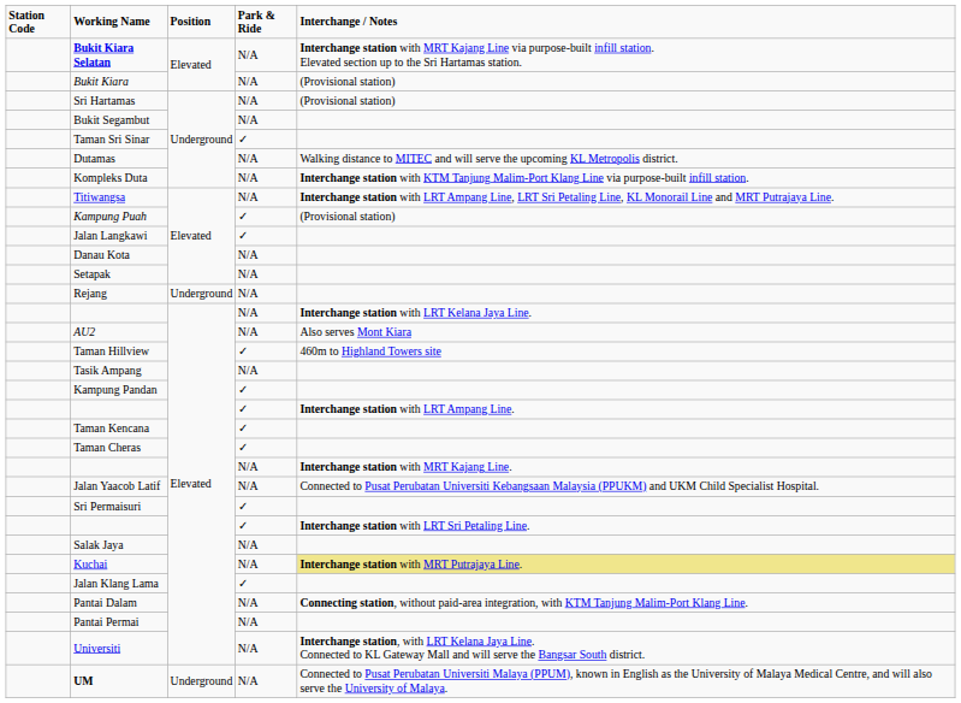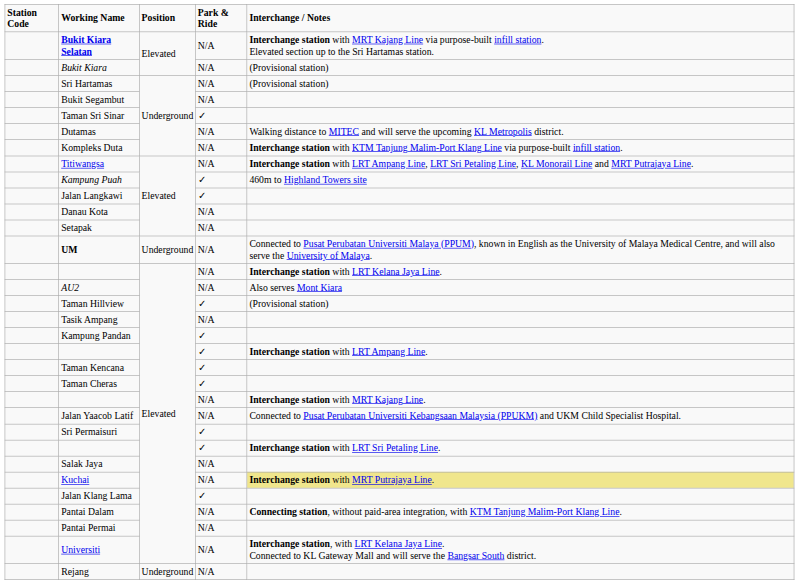 <table class="wikitable sortable" style="margin-left:1em; margin-bottom:1em; color:black; font-size:95%;">
 <tr style="background:#">
 <td><strong>Station Code</strong></td>
 <td><strong>Working Name</strong></td>
 <td><strong>Position</strong></td>
 <td><strong>Park</strong> <strong>& Ride</strong></td>
 <td><strong>Interchange / Notes</strong></td>
 </tr>
 <tr>
 <td></td>
 <td><strong><a href='#'>Bukit Kiara Selatan</a></strong></td>
 <td rowspan="2">Elevated</td>
 <td>N/A</td>
 <td><strong>Interchange station</strong> with  <a href='#'>MRT Kajang Line</a> via purpose-built <a href='#'>infill station</a>.<br>Elevated section up to the Sri Hartamas station.</td>
 </tr>
 <tr>
 <td></td>
 <td><em>Bukit Kiara</em></td>
 <td>N/A</td>
 <td>(Provisional station)</td>
 </tr>
 <tr>
 <td></td>
 <td>Sri Hartamas</td>
 <td rowspan="5">Underground</td>
 <td>N/A</td>
 <td>(Provisional station)</td>
 </tr>
 <tr>
 <td></td>
 <td>Bukit Segambut</td>
 <td>N/A</td>
 <td></td>
 </tr>
 <tr>
 <td></td>
 <td>Taman Sri Sinar</td>
 <td>✓</td>
 <td></td>
 </tr>
 <tr>
 <td></td>
 <td>Dutamas</td>
 <td>N/A</td>
 <td>Walking distance to <a href='#'>MITEC</a> and will serve the upcoming <a href='#'>KL Metropolis</a> district.</td>
 </tr>
 <tr>
 <td></td>
 <td>Kompleks Duta</td>
 <td>N/A</td>
 <td><strong>Interchange station</strong> with  <a href='#'>KTM Tanjung Malim-Port Klang Line</a> via purpose-built <a href='#'>infill station</a>.</td>
 </tr>
 <tr>
 <td></td>
 <td><a href='#'>Titiwangsa</a></td>
 <td rowspan="5">Elevated</td>
 <td>N/A</td>
 <td><strong>Interchange station</strong> with  <a href='#'>LRT Ampang Line</a>, <a href='#'>LRT Sri Petaling Line</a>, <a href='#'>KL Monorail Line</a> and <a href='#'>MRT Putrajaya Line</a>.</td>
 </tr>
 <tr>
 <td></td>
 <td><em>Kampung Puah</em></td>
 <td>✓</td>
-<td>(Provisional station)</td>
+<td>460m to <a href='#'>Highland Towers site</a></td>
 </tr>
 <tr>
 <td></td>
 <td>Jalan Langkawi</td>
 <td>✓</td>
 <td></td>
 </tr>
 <tr>
 <td></td>
 <td>Danau Kota</td>
 <td>N/A</td>
 <td></td>
 </tr>
 <tr>
 <td></td>
 <td>Setapak</td>
 <td>N/A</td>
 <td></td>
 </tr>
 <tr>
 <td></td>
-<td>Rejang</td>
+<td><strong>UM</strong></td>
 <td>Underground</td>
 <td>N/A</td>
-<td></td>
+<td>Connected to <a href='#'>Pusat Perubatan Universiti Malaya (PPUM)</a>, known in English as the University of Malaya Medical Centre, and will also serve the <a href='#'>University of Malaya</a>.</td>
 </tr>
 <tr>
 <td></td>
 <td></td>
 <td rowspan="18">Elevated</td>
 <td>N/A</td>
 <td><strong>Interchange station</strong> with  <a href='#'>LRT Kelana Jaya Line</a>.</td>
 </tr>
 <tr>
 <td></td>
 <td><em>AU2</em></td>
 <td>N/A</td>
 <td>Also serves <a href='#'>Mont Kiara</a></td>
 </tr>
 <tr>
 <td></td>
 <td>Taman Hillview</td>
 <td>✓</td>
-<td>460m to <a href='#'>Highland Towers site</a></td>
+<td>(Provisional station)</td>
 </tr>
 <tr>
 <td></td>
 <td>Tasik Ampang</td>
 <td>N/A</td>
 <td></td>
 </tr>
 <tr>
 <td></td>
 <td>Kampung Pandan</td>
 <td>✓</td>
 <td></td>
 </tr>
 <tr>
 <td></td>
 <td></td>
 <td>✓</td>
 <td><strong>Interchange station</strong> with  <a href='#'>LRT Ampang Line</a>.</td>
 </tr>
 <tr>
 <td></td>
 <td>Taman Kencana</td>
 <td>✓</td>
 <td></td>
 </tr>
 <tr>
 <td></td>
 <td>Taman Cheras</td>
 <td>✓</td>
 <td></td>
 </tr>
 <tr>
 <td></td>
 <td></td>
 <td>N/A</td>
 <td><strong>Interchange station</strong> with  <a href='#'>MRT Kajang Line</a>.</td>
 </tr>
 <tr>
 <td></td>
 <td>Jalan Yaacob Latif</td>
 <td>N/A</td>
 <td>Connected to <a href='#'>Pusat Perubatan Universiti Kebangsaan Malaysia (PPUKM)</a> and UKM Child Specialist Hospital.</td>
 </tr>
 <tr>
 <td></td>
 <td>Sri Permaisuri</td>
 <td>✓</td>
 <td></td>
 </tr>
 <tr>
 <td></td>
 <td></td>
 <td>✓</td>
 <td><strong>Interchange station</strong> with  <a href='#'>LRT Sri Petaling Line</a>.</td>
 </tr>
 <tr>
 <td></td>
 <td>Salak Jaya</td>
 <td>N/A</td>
 <td></td>
 </tr>
 <tr>
 <td></td>
 <td><a href='#'>Kuchai</a></td>
 <td>N/A</td>
 <td style="background: khaki;"><strong>Interchange station</strong> with  <a href='#'>MRT Putrajaya Line</a>.</td>
 </tr>
 <tr>
 <td></td>
 <td>Jalan Klang Lama</td>
 <td>✓</td>
 <td></td>
 </tr>
 <tr>
 <td></td>
 <td>Pantai Dalam</td>
 <td>N/A</td>
 <td><strong>Connecting station</strong>, without paid-area integration, with  <a href='#'>KTM Tanjung Malim-Port Klang Line</a>.</td>
 </tr>
 <tr>
 <td></td>
 <td>Pantai Permai</td>
 <td>N/A</td>
 <td></td>
 </tr>
 <tr>
 <td></td>
 <td><a href='#'>Universiti</a></td>
 <td>N/A</td>
 <td><strong>Interchange station</strong>, with  <a href='#'>LRT Kelana Jaya Line</a>.<br>Connected to KL Gateway Mall and will serve the <a href='#'>Bangsar South</a> district.</td>
 </tr>
 <tr>
 <td></td>
-<td><strong>UM</strong></td>
+<td>Rejang</td>
 <td>Underground</td>
 <td>N/A</td>
-<td>Connected to <a href='#'>Pusat Perubatan Universiti Malaya (PPUM)</a>, known in English as the University of Malaya Medical Centre, and will also serve the <a href='#'>University of Malaya</a>.</td>
+<td></td>
 </tr>
 </table>
